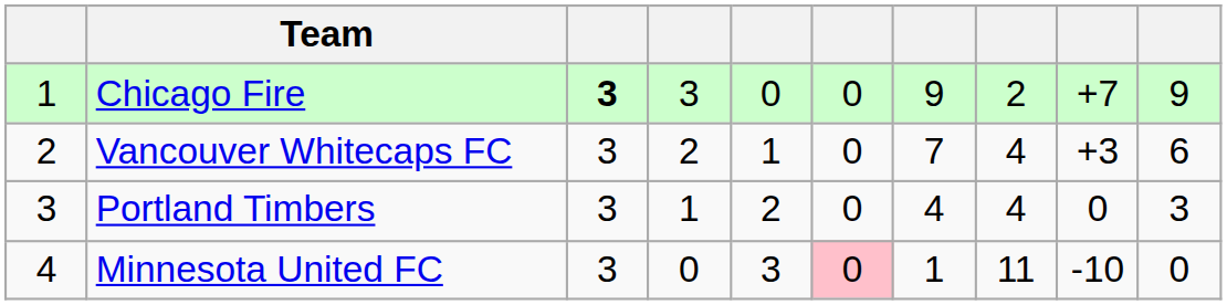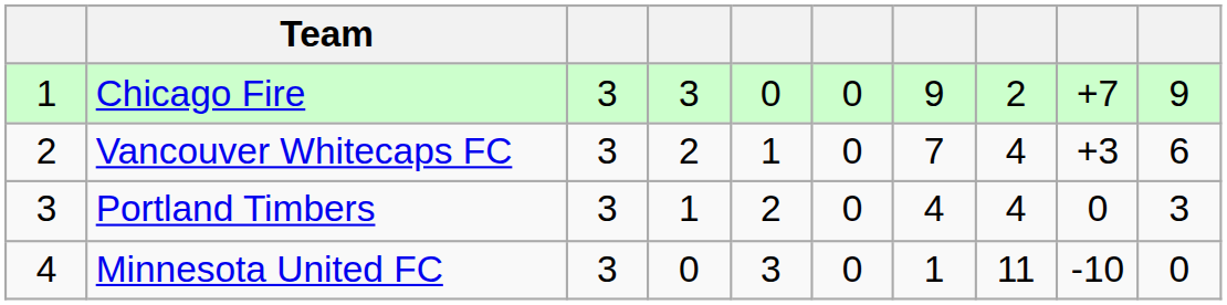 <table class="wikitable" style="text-align: center;">
 <tr>
 <th style="width:28px;"></th>
 <th style="width:200px;">Team</th>
 <th width="28"></th>
 <th width="28"></th>
 <th width="28"></th>
 <th width="28"></th>
 <th width="28"></th>
 <th width="28"></th>
 <th width="28"></th>
 <th width="28"></th>
 </tr>
 <tr style="background:#cfc;">
 <td>1</td>
 <td style="text-align:left;"> <a href='#'>Chicago Fire</a></td>
-<td><strong>3</strong></td>
+<td>3</td>
 <td>3</td>
 <td>0</td>
 <td>0</td>
 <td>9</td>
 <td>2</td>
 <td>+7</td>
 <td>9</td>
 </tr>
 <tr>
 <td>2</td>
 <td style="text-align:left;"> <a href='#'>Vancouver Whitecaps FC</a></td>
 <td>3</td>
 <td>2</td>
 <td>1</td>
 <td>0</td>
 <td>7</td>
 <td>4</td>
 <td>+3</td>
 <td>6</td>
 </tr>
 <tr>
 <td>3</td>
 <td style="text-align:left;"> <a href='#'>Portland Timbers</a></td>
 <td>3</td>
 <td>1</td>
 <td>2</td>
 <td>0</td>
 <td>4</td>
 <td>4</td>
 <td>0</td>
 <td>3</td>
 </tr>
 <tr>
 <td>4</td>
 <td style="text-align:left;"> <a href='#'>Minnesota United FC</a></td>
 <td>3</td>
 <td>0</td>
 <td>3</td>
-<td style="background: pink;">0</td>
+<td>0</td>
 <td>1</td>
 <td>11</td>
 <td>-10</td>
 <td>0</td>
 </tr>
 </table>
